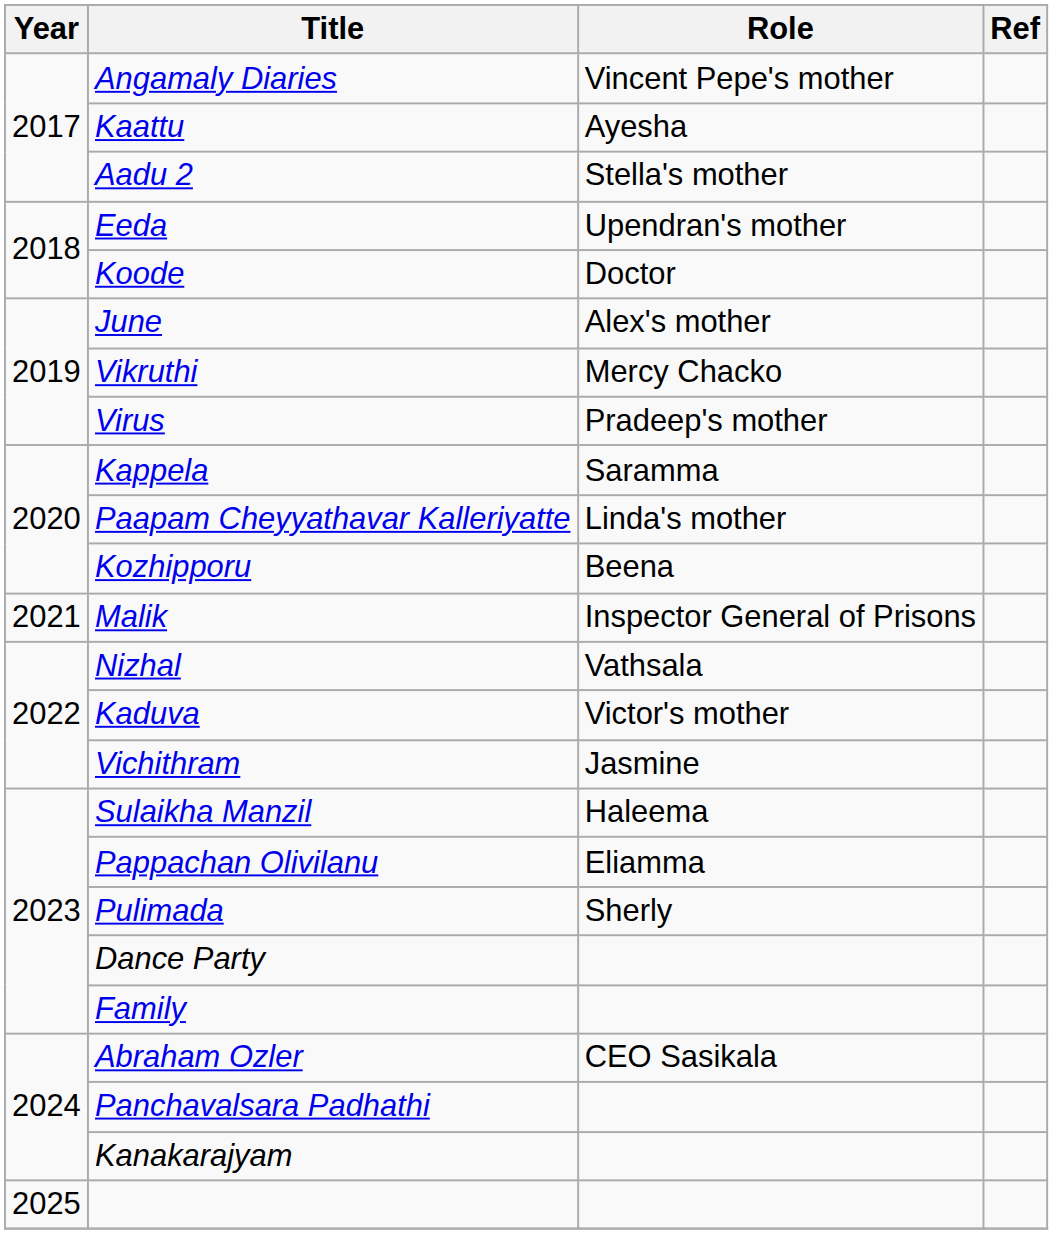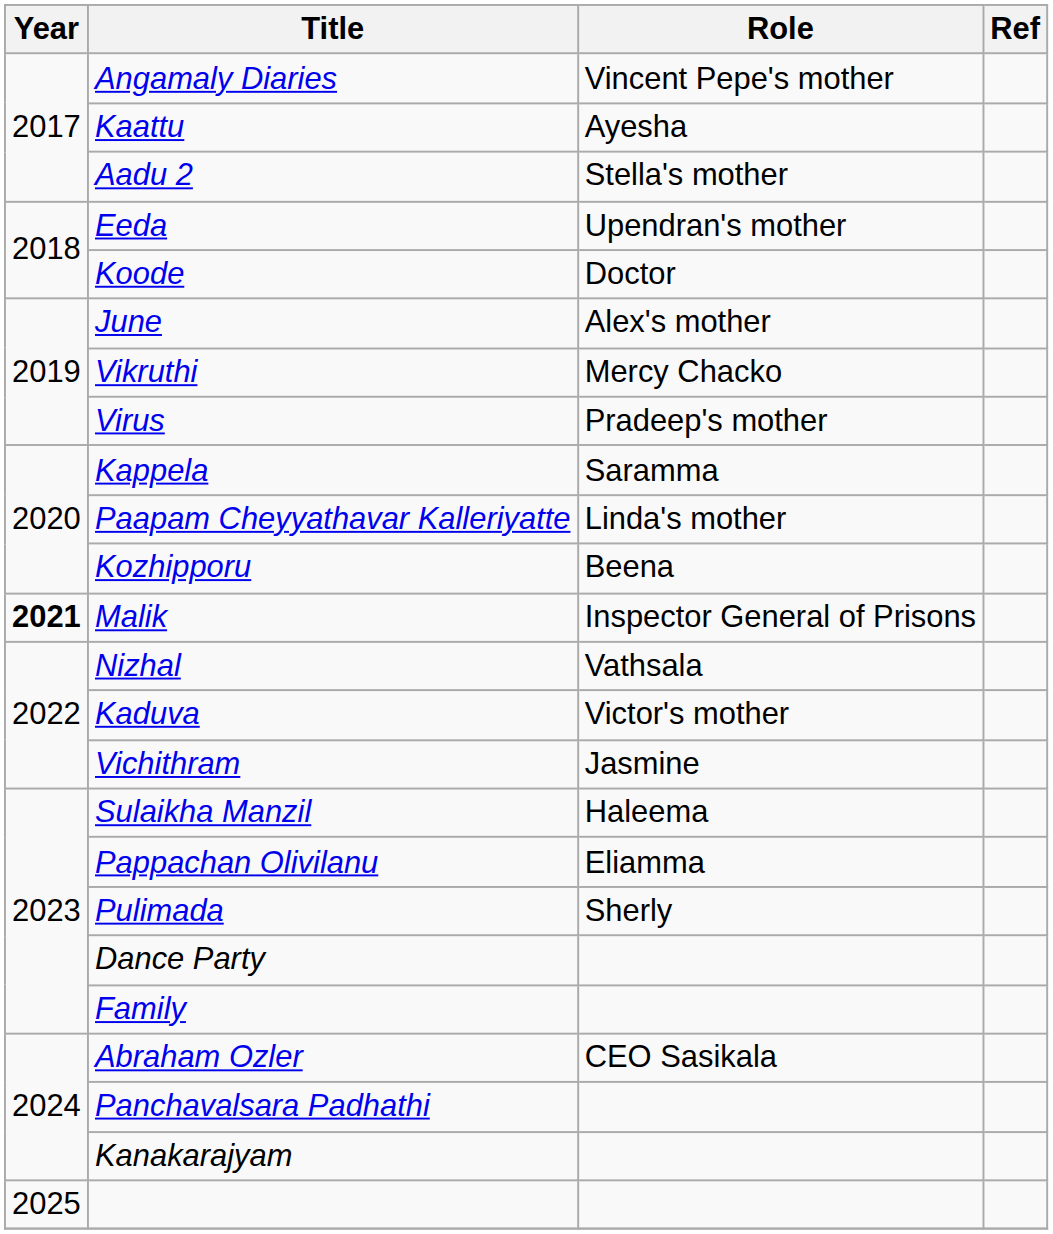 <table class="wikitable sortable">
 <tr>
 <th>Year</th>
 <th>Title</th>
 <th>Role</th>
 <th class="unsortable">Ref</th>
 </tr>
 <tr>
 <td rowspan=3>2017</td>
 <td><em><a href='#'>Angamaly Diaries</a></em></td>
 <td>Vincent Pepe's mother</td>
 <td></td>
 </tr>
 <tr>
 <td><em><a href='#'>Kaattu</a></em></td>
 <td>Ayesha</td>
 <td></td>
 </tr>
 <tr>
 <td><em><a href='#'>Aadu 2</a></em></td>
 <td>Stella's mother</td>
 <td></td>
 </tr>
 <tr>
 <td rowspan="2">2018</td>
 <td><em><a href='#'>Eeda</a></em></td>
 <td>Upendran's mother</td>
 <td></td>
 </tr>
 <tr>
 <td><em><a href='#'>Koode</a></em></td>
 <td>Doctor</td>
 <td></td>
 </tr>
 <tr>
 <td rowspan="3">2019</td>
 <td><em><a href='#'>June</a></em></td>
 <td>Alex's mother</td>
 <td></td>
 </tr>
 <tr>
 <td><em><a href='#'>Vikruthi</a></em></td>
 <td>Mercy Chacko</td>
 <td></td>
 </tr>
 <tr>
 <td><em><a href='#'>Virus</a></em></td>
 <td>Pradeep's mother</td>
 <td></td>
 </tr>
 <tr>
 <td rowspan=3>2020</td>
 <td><em><a href='#'>Kappela</a></em></td>
 <td>Saramma</td>
 <td></td>
 </tr>
 <tr>
 <td><em><a href='#'>Paapam Cheyyathavar Kalleriyatte</a></em></td>
 <td>Linda's mother</td>
 <td></td>
 </tr>
 <tr>
 <td><em><a href='#'>Kozhipporu</a></em></td>
 <td>Beena</td>
 <td></td>
 </tr>
 <tr>
-<td>2021</td>
+<td><strong>2021</strong></td>
 <td><em><a href='#'>Malik</a></em></td>
 <td>Inspector General of Prisons</td>
 <td></td>
 </tr>
 <tr>
 <td rowspan="3">2022</td>
 <td><em><a href='#'>Nizhal</a></em></td>
 <td>Vathsala</td>
 <td></td>
 </tr>
 <tr>
 <td><em><a href='#'>Kaduva</a></em></td>
 <td>Victor's mother</td>
 <td></td>
 </tr>
 <tr>
 <td><em><a href='#'>Vichithram</a></em></td>
 <td>Jasmine</td>
 <td></td>
 </tr>
 <tr>
 <td rowspan=5>2023</td>
 <td><em><a href='#'>Sulaikha Manzil</a></em></td>
 <td>Haleema</td>
 <td></td>
 </tr>
 <tr>
 <td><em><a href='#'>Pappachan Olivilanu</a></em></td>
 <td>Eliamma</td>
 <td></td>
 </tr>
 <tr>
 <td><em><a href='#'>Pulimada</a></em></td>
 <td>Sherly</td>
 <td></td>
 </tr>
 <tr>
 <td><em>Dance Party</em></td>
 <td></td>
 <td></td>
 </tr>
 <tr>
 <td><em><a href='#'>Family</a></em></td>
 <td></td>
 <td></td>
 </tr>
 <tr>
 <td rowspan=3>2024</td>
 <td><em><a href='#'>Abraham Ozler</a></em></td>
 <td>CEO Sasikala</td>
 <td></td>
 </tr>
 <tr>
 <td><em><a href='#'>Panchavalsara Padhathi</a></em></td>
 <td></td>
 <td></td>
 </tr>
 <tr>
 <td><em>Kanakarajyam</em></td>
 <td></td>
 <td></td>
 </tr>
 <tr>
 <td>2025</td>
 <td></td>
 <td></td>
 <td></td>
 </tr>
 <tr>
 </tr>
 </table>
